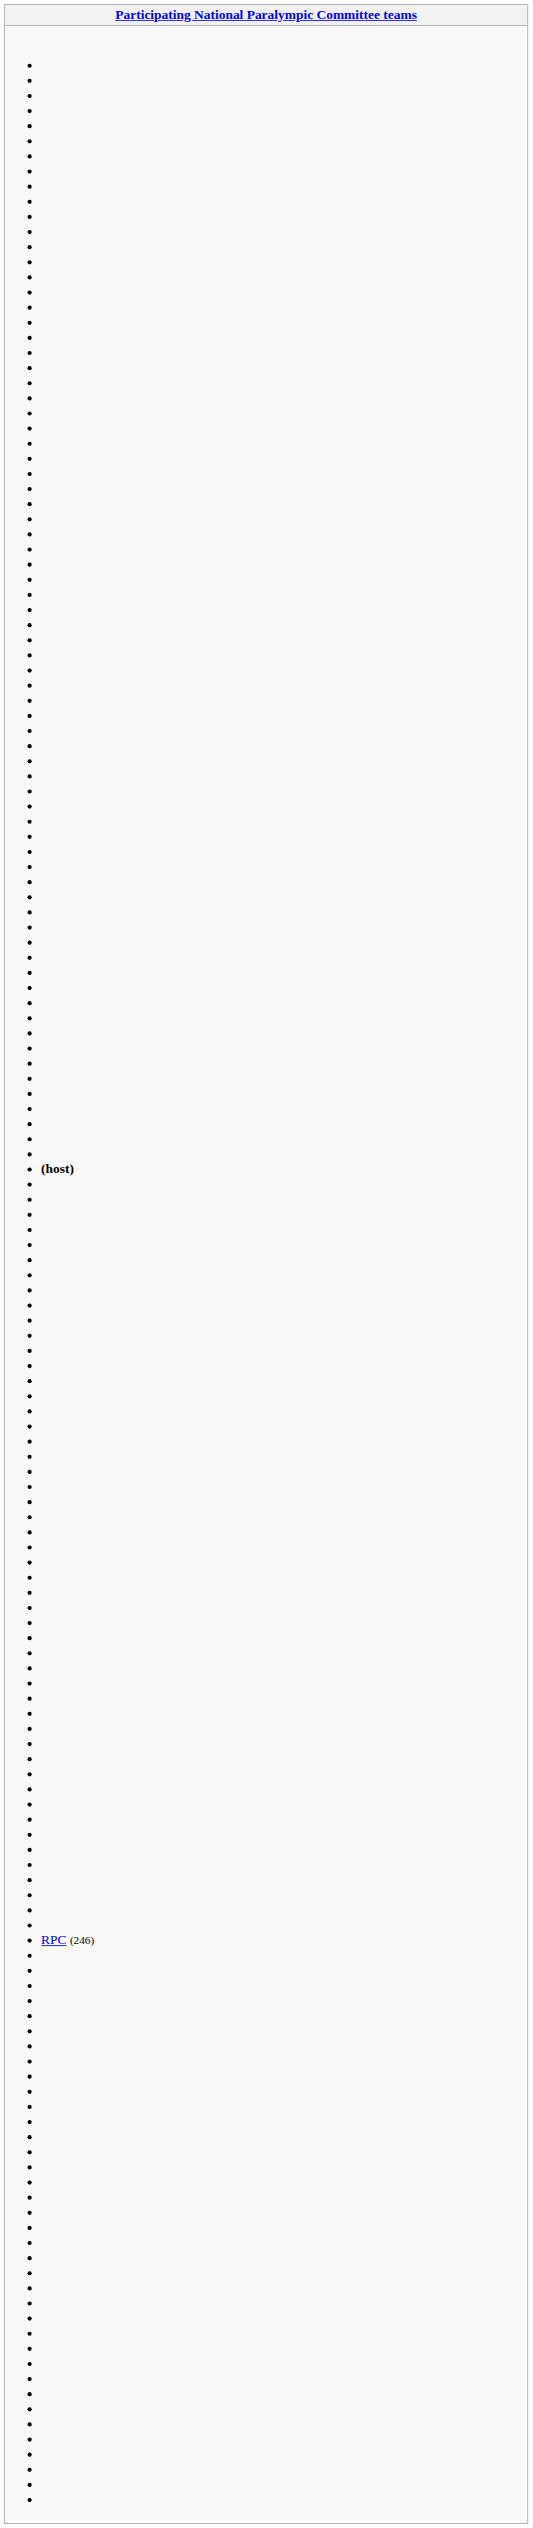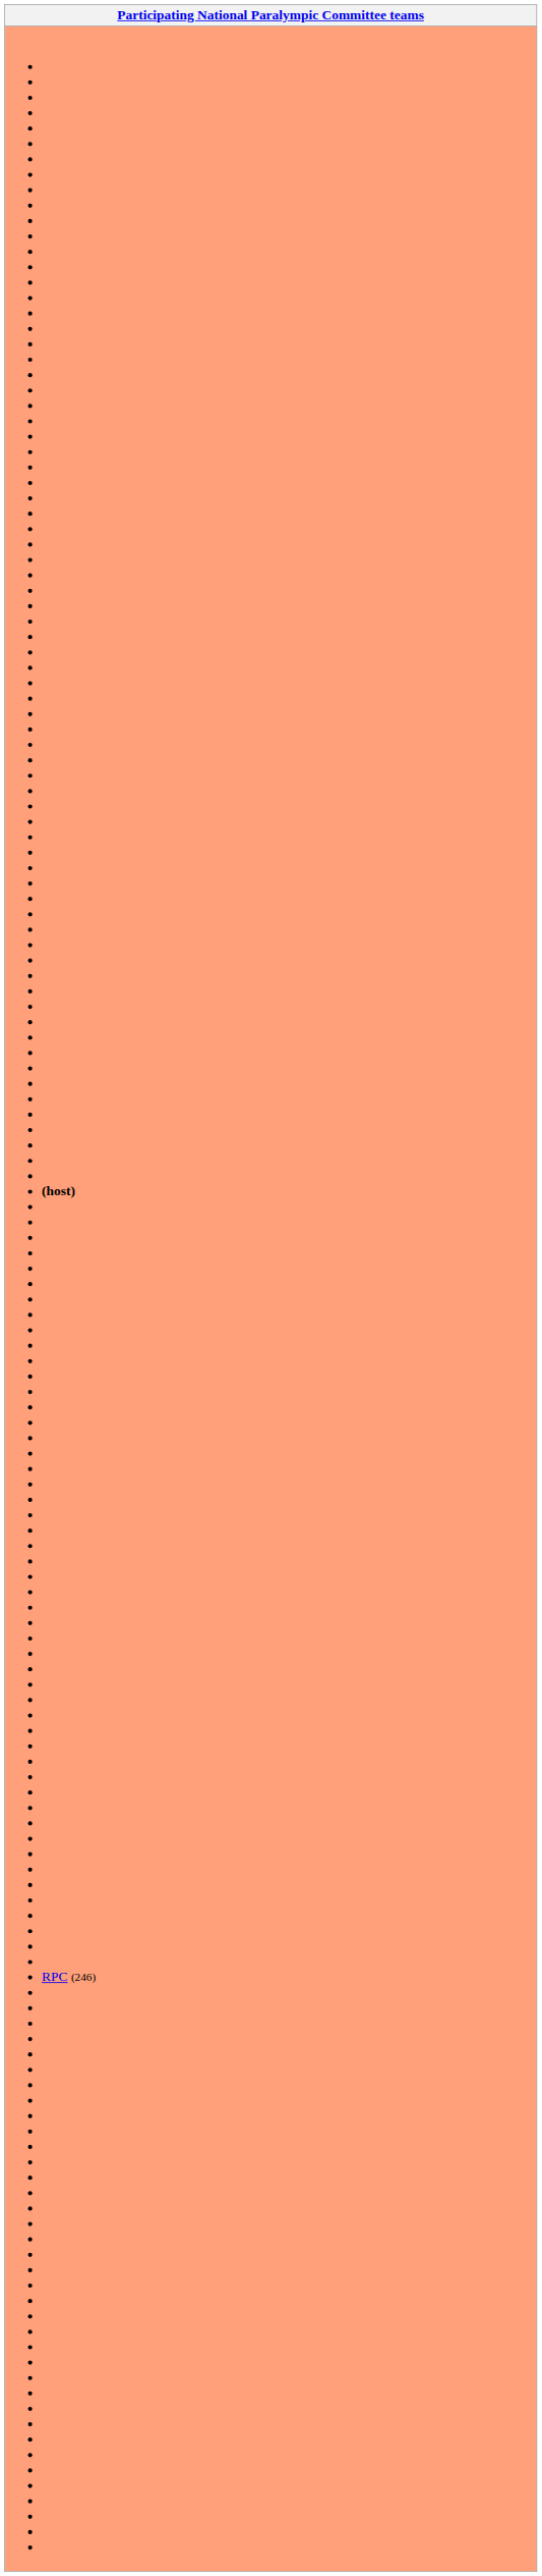 <table class="wikitable collapsible" style="width:100%;">
 <tr>
 <th><a href='#'>Participating National Paralympic Committee teams</a></th>
 </tr>
 <tr>
-<td><br><ul><li></li><li></li><li></li><li></li><li></li><li></li><li></li><li></li><li></li><li></li><li></li><li></li><li></li><li></li><li></li><li></li><li></li><li></li><li></li><li></li><li></li><li></li><li></li><li></li><li></li><li></li><li></li><li></li><li></li><li></li><li></li><li></li><li></li><li></li><li></li><li></li><li></li><li></li><li></li><li></li><li></li><li></li><li></li><li></li><li></li><li></li><li></li><li></li><li></li><li></li><li></li><li></li><li></li><li></li><li></li><li></li><li></li><li></li><li></li><li></li><li></li><li></li><li></li><li></li><li></li><li></li><li></li><li></li><li></li><li></li><li></li><li></li><li></li><li> <strong>(host)</strong></li><li></li><li></li><li></li><li></li><li></li><li></li><li></li><li></li><li></li><li></li><li></li><li></li><li></li><li></li><li></li><li></li><li></li><li></li><li></li><li></li><li></li><li></li><li></li><li></li><li></li><li></li><li></li><li></li><li></li><li></li><li></li><li></li><li></li><li></li><li></li><li></li><li></li><li></li><li></li><li></li><li></li><li></li><li></li><li></li><li></li><li></li><li></li><li></li><li></li><li></li><li> <a href='#'>RPC</a> <small>(246)</small></li><li></li><li></li><li></li><li></li><li></li><li></li><li></li><li></li><li></li><li></li><li></li><li></li><li></li><li></li><li></li><li></li><li></li><li></li><li></li><li></li><li></li><li></li><li></li><li></li><li></li><li></li><li></li><li></li><li></li><li></li><li></li><li></li><li></li><li></li><li></li><li></li><li></li></ul></td>
+<td style="background: lightsalmon;"><br><ul><li></li><li></li><li></li><li></li><li></li><li></li><li></li><li></li><li></li><li></li><li></li><li></li><li></li><li></li><li></li><li></li><li></li><li></li><li></li><li></li><li></li><li></li><li></li><li></li><li></li><li></li><li></li><li></li><li></li><li></li><li></li><li></li><li></li><li></li><li></li><li></li><li></li><li></li><li></li><li></li><li></li><li></li><li></li><li></li><li></li><li></li><li></li><li></li><li></li><li></li><li></li><li></li><li></li><li></li><li></li><li></li><li></li><li></li><li></li><li></li><li></li><li></li><li></li><li></li><li></li><li></li><li></li><li></li><li></li><li></li><li></li><li></li><li></li><li> <strong>(host)</strong></li><li></li><li></li><li></li><li></li><li></li><li></li><li></li><li></li><li></li><li></li><li></li><li></li><li></li><li></li><li></li><li></li><li></li><li></li><li></li><li></li><li></li><li></li><li></li><li></li><li></li><li></li><li></li><li></li><li></li><li></li><li></li><li></li><li></li><li></li><li></li><li></li><li></li><li></li><li></li><li></li><li></li><li></li><li></li><li></li><li></li><li></li><li></li><li></li><li></li><li></li><li> <a href='#'>RPC</a> <small>(246)</small></li><li></li><li></li><li></li><li></li><li></li><li></li><li></li><li></li><li></li><li></li><li></li><li></li><li></li><li></li><li></li><li></li><li></li><li></li><li></li><li></li><li></li><li></li><li></li><li></li><li></li><li></li><li></li><li></li><li></li><li></li><li></li><li></li><li></li><li></li><li></li><li></li><li></li></ul></td>
 </tr>
 </table>
